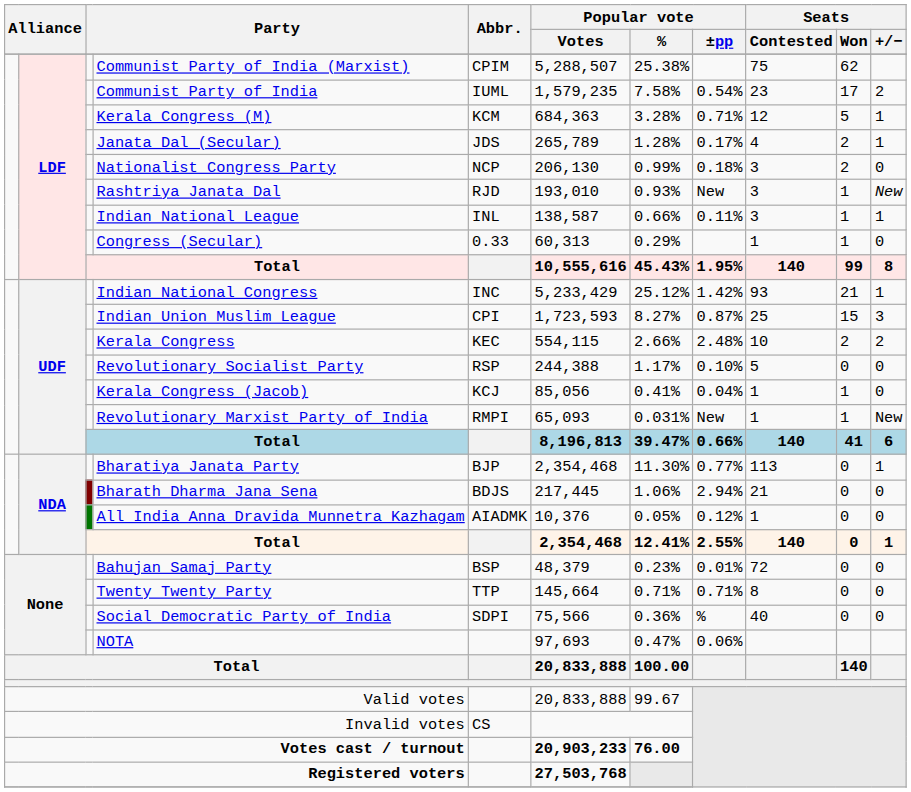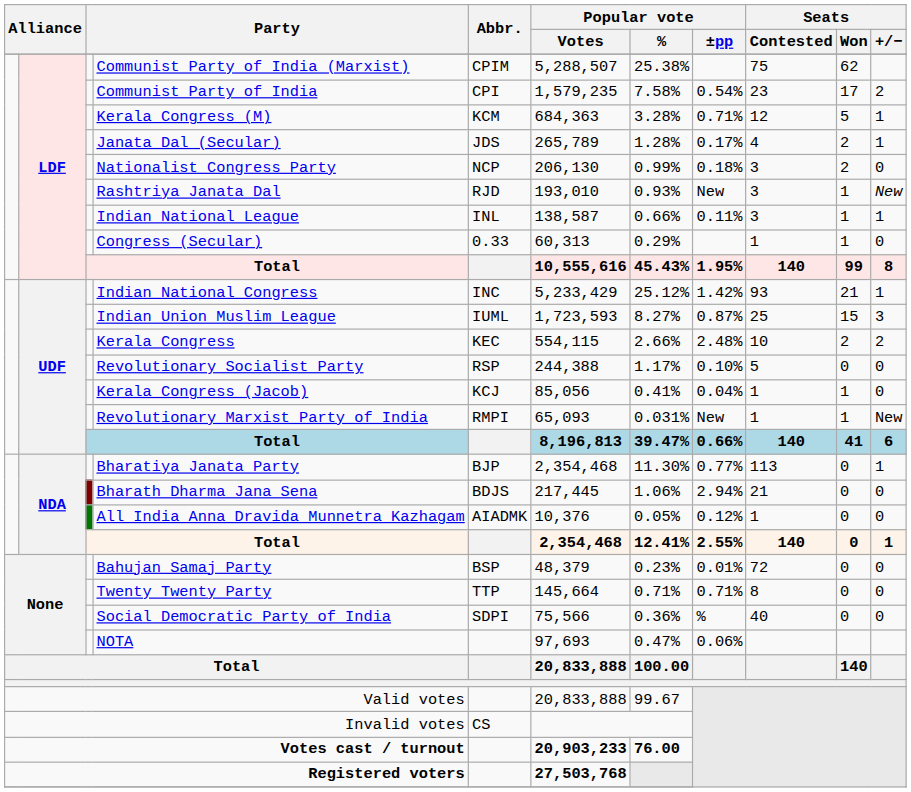 <table class="wikitable">
 <tr>
 <th colspan="2" rowspan="2">Alliance</th>
 <th colspan="2" rowspan="2">Party</th>
 <th rowspan="2">Abbr.</th>
 <th colspan="3">Popular vote</th>
 <th colspan="3">Seats</th>
 </tr>
 <tr>
 <th>Votes</th>
 <th>%</th>
 <th>±<a href='#'>pp</a></th>
 <th>Contested</th>
 <th>Won</th>
 <th><strong>+/−</strong></th>
 </tr>
 <tr>
 </tr>
 <tr>
 <td rowspan=9></td>
 <th rowspan="9"style="background:#FFE6E6"><a href='#'>LDF</a></th>
 <td style="color:inherit;background:"></td>
 <td><a href='#'>Communist Party of India (Marxist)</a></td>
 <td>CPIM</td>
 <td>5,288,507</td>
 <td>25.38%</td>
 <td></td>
 <td>75</td>
 <td>62</td>
 <td></td>
 </tr>
 <tr>
 <td style="color:inherit;background:"></td>
 <td><a href='#'>Communist Party of India</a></td>
-<td>IUML</td>
+<td>CPI</td>
 <td>1,579,235</td>
 <td>7.58%</td>
 <td>0.54%</td>
 <td>23</td>
 <td>17</td>
 <td>2</td>
 </tr>
 <tr>
 <td style="color:inherit;background:"></td>
 <td><a href='#'>Kerala Congress (M)</a></td>
 <td>KCM</td>
 <td>684,363</td>
 <td>3.28%</td>
 <td>0.71%</td>
 <td>12</td>
 <td>5</td>
 <td>1</td>
 </tr>
 <tr>
 <td style="color:inherit;background:"></td>
 <td><a href='#'>Janata Dal (Secular)</a></td>
 <td>JDS</td>
 <td>265,789</td>
 <td>1.28%</td>
 <td>0.17%</td>
 <td>4</td>
 <td>2</td>
 <td> 1</td>
 </tr>
 <tr>
 <td style="color:inherit;background:"></td>
 <td><a href='#'>Nationalist Congress Party</a></td>
 <td>NCP</td>
 <td>206,130</td>
 <td>0.99%</td>
 <td>0.18%</td>
 <td>3</td>
 <td>2</td>
 <td> 0</td>
 </tr>
 <tr>
 <td style="color:inherit;background:"></td>
 <td><a href='#'>Rashtriya Janata Dal</a></td>
 <td>RJD</td>
 <td>193,010</td>
 <td>0.93%</td>
 <td>New</td>
 <td>3</td>
 <td>1</td>
 <td><em>New</em></td>
 </tr>
 <tr>
 <td style="color:inherit;background:"></td>
 <td><a href='#'>Indian National League</a></td>
 <td>INL</td>
 <td>138,587</td>
 <td>0.66%</td>
 <td>0.11%</td>
 <td>3</td>
 <td>1</td>
 <td> 1</td>
 </tr>
 <tr>
 <td style="color:inherit;background:"></td>
 <td><a href='#'>Congress (Secular)</a></td>
 <td>0.33</td>
 <td>60,313</td>
 <td>0.29%</td>
 <td></td>
 <td>1</td>
 <td>1</td>
 <td> 0</td>
 </tr>
 <tr>
 <th colspan=2 style="background:#FFE6E6">Total</th>
 <th></th>
 <th style="background:#FFE6E6">10,555,616</th>
 <th style="background:#FFE6E6">45.43%</th>
 <th style="background:#FFE6E6"> 1.95%</th>
 <th style="background:#FFE6E6">140</th>
 <th style="background:#FFE6E6">99</th>
 <th style="background:#FFE6E6"> 8</th>
 </tr>
 <tr>
 <td rowspan=7></td>
 <th rowspan=7><a href='#'>UDF</a></th>
 <td style="color:inherit;background:"></td>
 <td><a href='#'>Indian National Congress</a></td>
 <td>INC</td>
 <td>5,233,429</td>
 <td>25.12%</td>
 <td>1.42%</td>
 <td>93</td>
 <td>21</td>
 <td> 1</td>
 </tr>
 <tr>
 <td style="color:inherit;background:"></td>
 <td><a href='#'>Indian Union Muslim League</a></td>
-<td>CPI</td>
+<td>IUML</td>
 <td>1,723,593</td>
 <td>8.27%</td>
 <td>0.87%</td>
 <td>25</td>
 <td>15</td>
 <td> 3</td>
 </tr>
 <tr>
 <td style="color:inherit;background:"></td>
 <td><a href='#'>Kerala Congress</a></td>
 <td>KEC</td>
 <td>554,115</td>
 <td>2.66%</td>
 <td>2.48%</td>
 <td>10</td>
 <td>2</td>
 <td> 2</td>
 </tr>
 <tr>
 <td style="color:inherit;background:"></td>
 <td><a href='#'>Revolutionary Socialist Party</a></td>
 <td>RSP</td>
 <td>244,388</td>
 <td>1.17%</td>
 <td>0.10%</td>
 <td>5</td>
 <td>0</td>
 <td> 0</td>
 </tr>
 <tr>
 <td style="color:inherit;background:"></td>
 <td><a href='#'>Kerala Congress (Jacob)</a></td>
 <td>KCJ</td>
 <td>85,056</td>
 <td>0.41%</td>
 <td>0.04%</td>
 <td>1</td>
 <td>1</td>
 <td> 0</td>
 </tr>
 <tr>
 <td style="color:inherit;background:"></td>
 <td><a href='#'>Revolutionary Marxist Party of India</a></td>
 <td>RMPI</td>
 <td>65,093</td>
 <td>0.031%</td>
 <td>New</td>
 <td>1</td>
 <td>1</td>
 <td>New</td>
 </tr>
 <tr>
 <th colspan="2"style="background:#ADD8E6">Total</th>
 <th></th>
 <th style="background:#ADD8E6">8,196,813</th>
 <th style="background:#ADD8E6">39.47%</th>
 <th style="background:#ADD8E6"> 0.66%</th>
 <th style="background:#ADD8E6">140</th>
 <th style="background:#ADD8E6">41</th>
 <th style="background:#ADD8E6"> 6</th>
 </tr>
 <tr>
 <td rowspan=4></td>
 <th rowspan=4><a href='#'>NDA</a></th>
 <td style="color:inherit;background:"></td>
 <td><a href='#'>Bharatiya Janata Party</a></td>
 <td>BJP</td>
 <td>2,354,468</td>
 <td>11.30%</td>
 <td>0.77%</td>
 <td>113</td>
 <td>0</td>
 <td> 1</td>
 </tr>
 <tr>
 <td bgcolor="maroon"></td>
 <td><a href='#'>Bharath Dharma Jana Sena</a></td>
 <td>BDJS</td>
 <td>217,445</td>
 <td>1.06%</td>
 <td>2.94%</td>
 <td>21</td>
 <td>0</td>
 <td>0</td>
 </tr>
 <tr>
 <td style="color:inherit;background:#007500"></td>
 <td><a href='#'>All India Anna Dravida Munnetra Kazhagam</a></td>
 <td>AIADMK</td>
 <td>10,376</td>
 <td>0.05%</td>
 <td>0.12%</td>
 <td>1</td>
 <td>0</td>
 <td>0</td>
 </tr>
 <tr>
 <th colspan="2"style="background:#fef3e8">Total</th>
 <th></th>
 <th style="background:#fef3e8">2,354,468</th>
 <th style="background:#fef3e8">12.41%</th>
 <th style="background:#fef3e8"> 2.55%</th>
 <th style="background:#fef3e8">140</th>
 <th style="background:#fef3e8">0</th>
 <th style="background:#fef3e8"> 1</th>
 </tr>
 <tr>
 <th colspan="2" rowspan="4">None</th>
 <td style="color:inherit;background:"></td>
 <td><a href='#'>Bahujan Samaj Party</a></td>
 <td>BSP</td>
 <td>48,379</td>
 <td>0.23%</td>
 <td>0.01%</td>
 <td>72</td>
 <td>0</td>
 <td> 0</td>
 </tr>
 <tr>
 <td style="color:inherit;background:"></td>
 <td><a href='#'>Twenty Twenty Party</a></td>
 <td>TTP</td>
 <td>145,664</td>
 <td>0.71%</td>
 <td>0.71%</td>
 <td>8</td>
 <td>0</td>
 <td> 0</td>
 </tr>
 <tr>
 <td style="color:inherit;background:"></td>
 <td><a href='#'>Social Democratic Party of India</a></td>
 <td>SDPI</td>
 <td>75,566</td>
 <td>0.36%</td>
 <td>%</td>
 <td>40</td>
 <td>0</td>
 <td> 0</td>
 </tr>
 <tr>
 <td style="color:inherit;background:"></td>
 <td><a href='#'>NOTA</a></td>
 <td></td>
 <td>97,693</td>
 <td>0.47%</td>
 <td>0.06%</td>
 <td></td>
 <td></td>
 <td></td>
 </tr>
 <tr class="unsortable" style="background-color:#E9E9E9">
 <th colspan = 4>Total</th>
 <th></th>
 <th>20,833,888</th>
 <th style="text-align:center;">100.00</th>
 <th></th>
 <th style="text-align:center;"></th>
 <th>140</th>
 <th></th>
 </tr>
 <tr>
 <th colspan="11"></th>
 </tr>
 <tr>
 <td style="text-align:right;" colspan="4">Valid votes</td>
 <td></td>
 <td>20,833,888</td>
 <td>99.67</td>
 <td colspan="4" rowspan="5" style="background-color:#E9E9E9"></td>
 </tr>
 <tr>
 <td style="text-align:right;" colspan="4">Invalid votes</td>
 <td>CS</td>
 </tr>
 <tr>
 <td style="text-align:right;" colspan="4"><strong>Votes cast / turnout</strong></td>
 <td></td>
 <td><strong>20,903,233</strong></td>
 <td><strong>76.00</strong></td>
 </tr>
 <tr>
 <td style="text-align:right;" colspan="4"><strong>Registered voters</strong></td>
 <td></td>
 <td><strong>27,503,768</strong></td>
 <td colspan="1" style="background-color:#E9E9E9"></td>
 </tr>
 <tr>
 </tr>
 </table>
